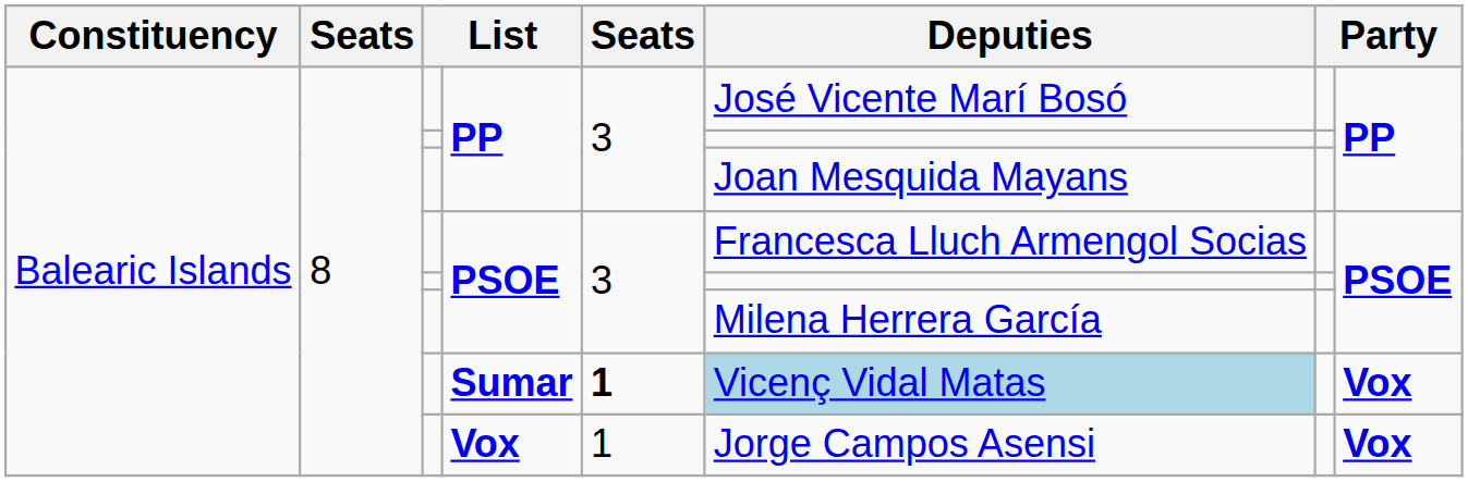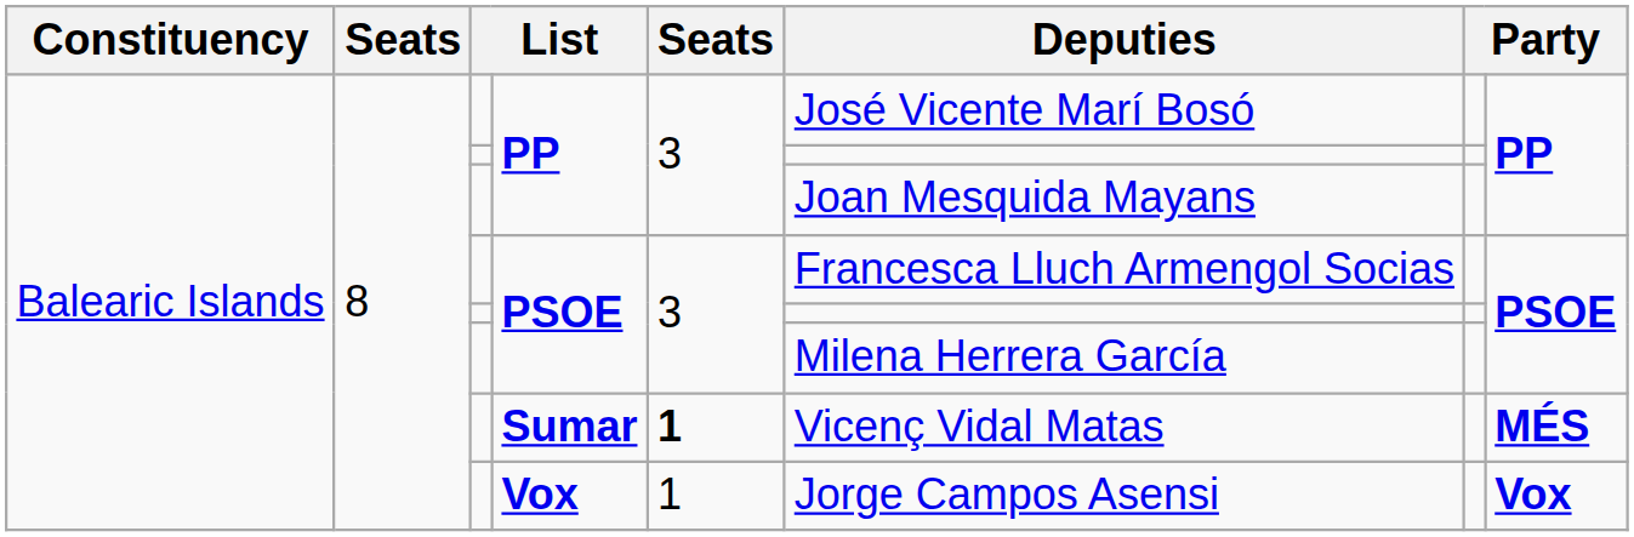 <table class="wikitable sortable">
 <tr>
 <th>Constituency</th>
 <th>Seats</th>
 <th colspan="2">List</th>
 <th>Seats</th>
 <th>Deputies</th>
 <th colspan="2">Party</th>
 </tr>
 <tr>
 <td rowspan="8"><a href='#'>Balearic Islands</a></td>
 <td rowspan="8">8</td>
 <td></td>
 <td rowspan="3"><strong><a href='#'>PP</a></strong></td>
 <td rowspan="3">3</td>
 <td><a href='#'>José Vicente Marí Bosó</a></td>
 <td></td>
 <td rowspan="3"><strong><a href='#'>PP</a></strong></td>
 </tr>
 <tr>
 <td></td>
 <td></td>
 <td></td>
 </tr>
 <tr>
 <td></td>
 <td><a href='#'>Joan Mesquida Mayans</a></td>
 <td></td>
 </tr>
 <tr>
 <td></td>
 <td rowspan="3"><strong><a href='#'>PSOE</a></strong></td>
 <td rowspan="3">3</td>
 <td><a href='#'>Francesca Lluch Armengol Socias</a></td>
 <td></td>
 <td rowspan="3"><strong><a href='#'>PSOE</a></strong></td>
 </tr>
 <tr>
 <td></td>
 <td></td>
 <td></td>
 </tr>
 <tr>
 <td></td>
 <td><a href='#'>Milena Herrera García</a></td>
 <td></td>
 </tr>
 <tr>
 <td></td>
 <td><strong><a href='#'>Sumar</a></strong></td>
 <td><strong>1</strong></td>
-<td style="background: lightblue;"><a href='#'>Vicenç Vidal Matas</a></td>
+<td><a href='#'>Vicenç Vidal Matas</a></td>
 <td></td>
-<td><strong><a href='#'>Vox</a></strong></td>
+<td><a href='#'><strong>MÉS</strong></a></td>
 </tr>
 <tr>
 <td></td>
 <td><strong><a href='#'>Vox</a></strong></td>
 <td>1</td>
 <td><a href='#'>Jorge Campos Asensi</a></td>
 <td></td>
 <td><strong><a href='#'>Vox</a></strong></td>
 </tr>
 </table>
